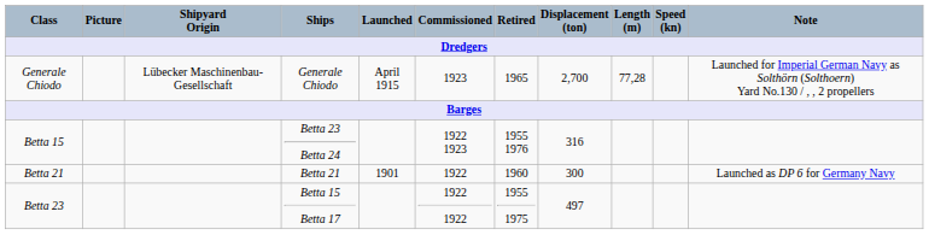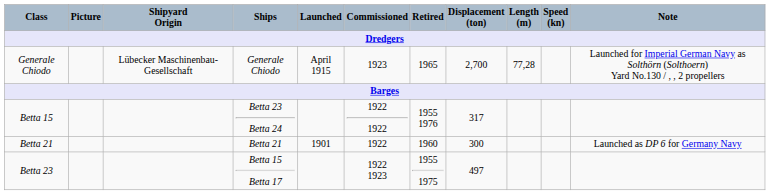 <table class="wikitable" style="text-align:center;">
 <tr>
 <th style="text-align: central; background: #aabccc;">Class</th>
 <th style="text-align: central; background: #aabccc;">Picture</th>
 <th style="text-align: central; background: #aabccc;">Shipyard<br>Origin</th>
 <th style="text-align: central; background: #aabccc;">Ships</th>
 <th style="text-align: central; background: #aabccc;">Launched</th>
 <th style="text-align: central; background: #aabccc;">Commissioned</th>
 <th style="text-align: central; background: #aabccc;">Retired</th>
 <th style="text-align: central; background: #aabccc;">Displacement<br>(ton)</th>
 <th style="text-align: central; background: #aabccc;">Length<br>(m)</th>
 <th style="text-align: central; background: #aabccc;">Speed<br>(kn)</th>
 <th style="text-align: central; background: #aabccc;">Note</th>
 </tr>
 <tr>
 <th style="align: center; background: lavender;" colspan="11"><strong><a href='#'>Dredgers</a></strong></th>
 </tr>
 <tr>
 <td><em>Generale Chiodo</em></td>
 <td></td>
 <td>Lübecker Maschinenbau-Gesellschaft<br></td>
 <td><em>Generale Chiodo</em></td>
 <td>April 1915</td>
 <td>1923</td>
 <td>1965</td>
 <td>2,700</td>
 <td>77,28</td>
 <td></td>
 <td>Launched for <a href='#'>Imperial German Navy</a> as <em>Solthörn</em> (<em>Solthoern</em>)<br>Yard No.130 / , , 2 propellers</td>
 </tr>
 <tr>
 <th style="align: center; background: lavender;" colspan="11"><strong><a href='#'>Barges</a></strong></th>
 </tr>
 <tr>
 <td><em>Betta 15</em></td>
 <td></td>
 <td></td>
 <td><em>Betta 23</em><hr><em>Betta 24</em></td>
 <td></td>
-<td>1922<br>1923</td>
+<td>1922<hr>1922</td>
 <td>1955<br>1976</td>
-<td>316</td>
+<td>317</td>
 <td></td>
 <td></td>
 <td></td>
 </tr>
 <tr>
 <td><em>Betta 21</em></td>
 <td></td>
 <td></td>
 <td><em>Betta 21</em></td>
 <td>1901</td>
 <td>1922</td>
 <td>1960</td>
 <td>300</td>
 <td></td>
 <td></td>
 <td>Launched as <em>DP 6</em> for <a href='#'>Germany Navy</a></td>
 </tr>
 <tr>
 <td><em>Betta 23</em></td>
 <td></td>
 <td></td>
 <td><em>Betta 15</em><hr><em>Betta 17</em></td>
 <td></td>
-<td>1922<hr>1922</td>
+<td>1922<br>1923</td>
 <td>1955<hr>1975</td>
 <td>497</td>
 <td></td>
 <td></td>
 <td></td>
 </tr>
 </table>
